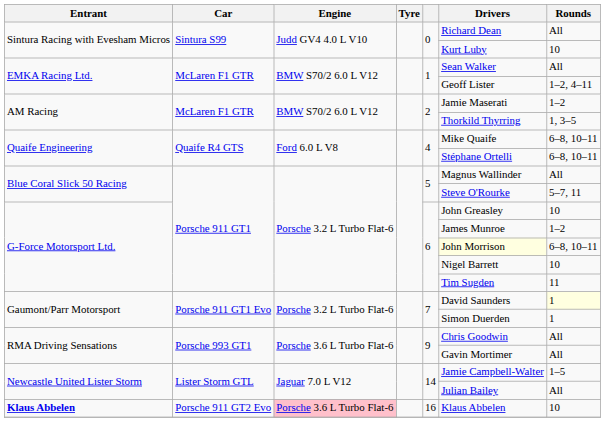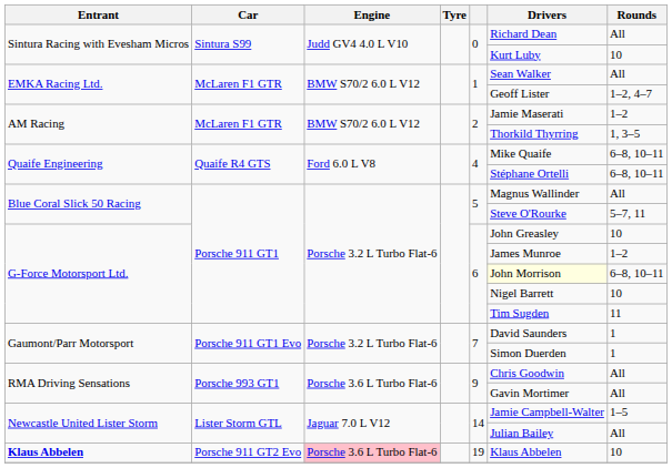 <table class="wikitable" style="font-size: 85%">
 <tr>
 <th>Entrant</th>
 <th>Car</th>
 <th>Engine</th>
 <th>Tyre</th>
 <th></th>
 <th>Drivers</th>
 <th>Rounds</th>
 </tr>
 <tr>
 <td rowspan=2> Sintura Racing with Evesham Micros</td>
 <td rowspan=2><a href='#'>Sintura S99</a></td>
 <td rowspan=2><a href='#'>Judd</a> GV4 4.0 L V10</td>
 <td rowspan=2></td>
 <td rowspan=2>0</td>
 <td> <a href='#'>Richard Dean</a></td>
 <td>All</td>
 </tr>
 <tr>
 <td> <a href='#'>Kurt Luby</a></td>
 <td>10</td>
 </tr>
 <tr>
 <td rowspan=2> <a href='#'>EMKA Racing Ltd.</a></td>
 <td rowspan=2><a href='#'>McLaren F1 GTR</a></td>
 <td rowspan=2><a href='#'>BMW</a> S70/2 6.0 L V12</td>
 <td rowspan=2></td>
 <td rowspan=2>1</td>
 <td> <a href='#'>Sean Walker</a></td>
 <td>All</td>
 </tr>
 <tr>
 <td> Geoff Lister</td>
-<td>1–2, 4–11</td>
+<td>1–2, 4–7</td>
 </tr>
 <tr>
 <td rowspan=2> AM Racing</td>
 <td rowspan=2><a href='#'>McLaren F1 GTR</a></td>
 <td rowspan=2><a href='#'>BMW</a> S70/2 6.0 L V12</td>
 <td rowspan=2></td>
 <td rowspan=2>2</td>
 <td> Jamie Maserati</td>
 <td>1–2</td>
 </tr>
 <tr>
 <td> <a href='#'>Thorkild Thyrring</a></td>
 <td>1, 3–5</td>
 </tr>
 <tr>
 <td rowspan=2> <a href='#'>Quaife Engineering</a></td>
 <td rowspan=2><a href='#'>Quaife R4 GTS</a></td>
 <td rowspan=2><a href='#'>Ford</a> 6.0 L V8</td>
 <td rowspan=2></td>
 <td rowspan=2>4</td>
 <td> Mike Quaife</td>
 <td>6–8, 10–11</td>
 </tr>
 <tr>
 <td> <a href='#'>Stéphane Ortelli</a></td>
 <td>6–8, 10–11</td>
 </tr>
 <tr>
 <td rowspan=2> <a href='#'>Blue Coral Slick 50 Racing</a></td>
 <td rowspan=7><a href='#'>Porsche 911 GT1</a></td>
 <td rowspan=7><a href='#'>Porsche</a> 3.2 L Turbo Flat-6</td>
 <td rowspan=7></td>
 <td rowspan=2>5</td>
 <td> Magnus Wallinder</td>
 <td>All</td>
 </tr>
 <tr>
 <td> <a href='#'>Steve O'Rourke</a></td>
 <td>5–7, 11</td>
 </tr>
 <tr>
 <td rowspan=5> <a href='#'>G-Force Motorsport Ltd.</a></td>
 <td rowspan=5>6</td>
 <td> John Greasley</td>
 <td>10</td>
 </tr>
 <tr>
 <td> James Munroe</td>
 <td>1–2</td>
 </tr>
 <tr>
 <td style="background: lightyellow;"> John Morrison</td>
 <td>6–8, 10–11</td>
 </tr>
 <tr>
 <td> Nigel Barrett</td>
 <td>10</td>
 </tr>
 <tr>
 <td> <a href='#'>Tim Sugden</a></td>
 <td>11</td>
 </tr>
 <tr>
 <td rowspan=2> Gaumont/Parr Motorsport</td>
 <td rowspan=2><a href='#'>Porsche 911 GT1 Evo</a></td>
 <td rowspan=2><a href='#'>Porsche</a> 3.2 L Turbo Flat-6</td>
 <td rowspan=2></td>
 <td rowspan=2>7</td>
 <td> David Saunders</td>
-<td style="background: lightyellow;">1</td>
+<td>1</td>
 </tr>
 <tr>
 <td> Simon Duerden</td>
 <td>1</td>
 </tr>
 <tr>
 <td rowspan=2> RMA Driving Sensations</td>
 <td rowspan=2><a href='#'>Porsche 993 GT1</a></td>
 <td rowspan=2><a href='#'>Porsche</a> 3.6 L Turbo Flat-6</td>
 <td rowspan=2></td>
 <td rowspan=2>9</td>
 <td> <a href='#'>Chris Goodwin</a></td>
 <td>All</td>
 </tr>
 <tr>
 <td> Gavin Mortimer</td>
 <td>All</td>
 </tr>
 <tr>
 <td rowspan=2> <a href='#'>Newcastle United Lister Storm</a></td>
 <td rowspan=2><a href='#'>Lister Storm GTL</a></td>
 <td rowspan=2><a href='#'>Jaguar</a> 7.0 L V12</td>
 <td rowspan=2></td>
 <td rowspan=2>14</td>
 <td> <a href='#'>Jamie Campbell-Walter</a></td>
 <td>1–5</td>
 </tr>
 <tr>
 <td> <a href='#'>Julian Bailey</a></td>
 <td>All</td>
 </tr>
 <tr>
 <td><strong> <a href='#'>Klaus Abbelen</a></strong></td>
 <td><a href='#'>Porsche 911 GT2 Evo</a></td>
 <td style="background: pink;"><a href='#'>Porsche</a> 3.6 L Turbo Flat-6</td>
 <td></td>
-<td>16</td>
+<td>19</td>
 <td> <a href='#'>Klaus Abbelen</a></td>
 <td>10</td>
 </tr>
 <tr>
 </tr>
 </table>
